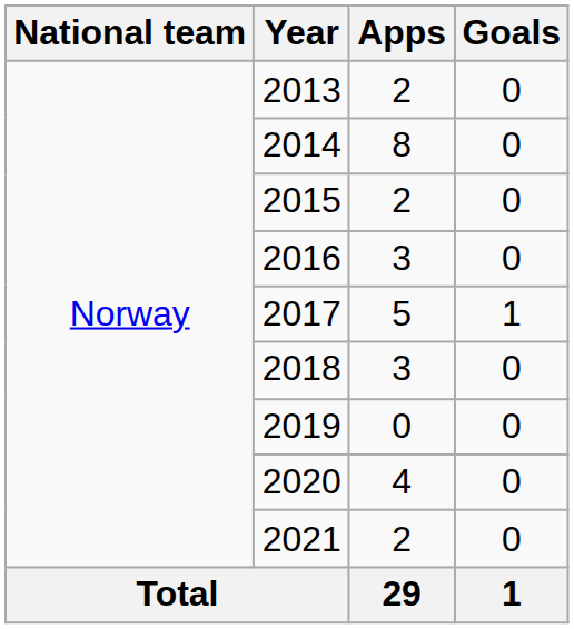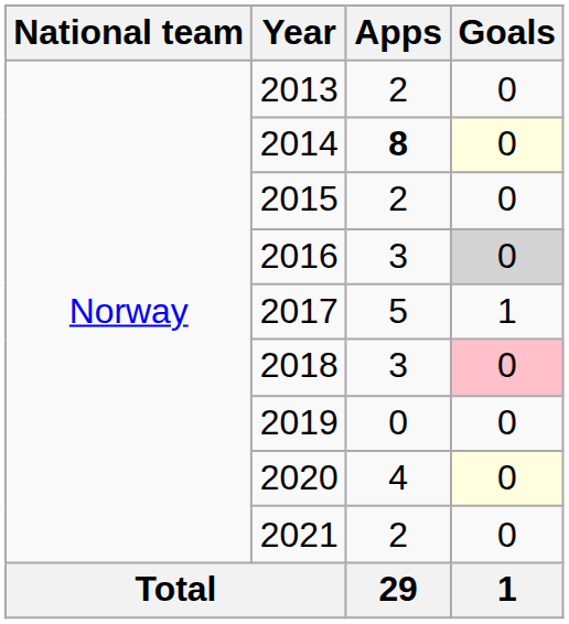 <table class="wikitable" style="text-align:center">
 <tr>
 <th>National team</th>
 <th>Year</th>
 <th>Apps</th>
 <th>Goals</th>
 </tr>
 <tr>
 <td rowspan="9"><a href='#'>Norway</a></td>
 <td>2013</td>
 <td>2</td>
 <td>0</td>
 </tr>
 <tr>
 <td>2014</td>
-<td>8</td>
-<td>0</td>
+<td><strong>8</strong></td>
+<td style="background: lightyellow;">0</td>
 </tr>
 <tr>
 <td>2015</td>
 <td>2</td>
 <td>0</td>
 </tr>
 <tr>
 <td>2016</td>
 <td>3</td>
-<td>0</td>
+<td style="background: lightgrey;">0</td>
 </tr>
 <tr>
 <td>2017</td>
 <td>5</td>
 <td>1</td>
 </tr>
 <tr>
 <td>2018</td>
 <td>3</td>
-<td>0</td>
+<td style="background: pink;">0</td>
 </tr>
 <tr>
 <td>2019</td>
 <td>0</td>
 <td>0</td>
 </tr>
 <tr>
 <td>2020</td>
 <td>4</td>
-<td>0</td>
+<td style="background: lightyellow;">0</td>
 </tr>
 <tr>
 <td>2021</td>
 <td>2</td>
 <td>0</td>
 </tr>
 <tr>
 <th colspan="2">Total</th>
 <th>29</th>
 <th>1</th>
 </tr>
 </table>
